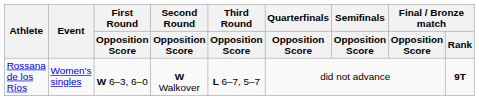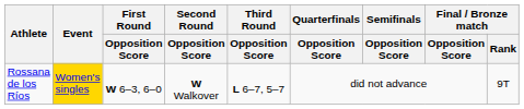 <table class=wikitable style="font-size:90%">
 <tr>
 <th rowspan="2">Athlete</th>
 <th rowspan="2">Event</th>
 <th>First Round</th>
 <th>Second Round</th>
 <th>Third Round</th>
 <th>Quarterfinals</th>
 <th>Semifinals</th>
 <th colspan="2">Final / Bronze match</th>
 </tr>
 <tr>
 <th>Opposition<br>Score</th>
 <th>Opposition<br>Score</th>
 <th>Opposition<br>Score</th>
 <th>Opposition<br>Score</th>
 <th>Opposition<br>Score</th>
 <th>Opposition<br>Score</th>
 <th>Rank</th>
 </tr>
 <tr>
 <td><a href='#'>Rossana de los Ríos</a></td>
-<td><a href='#'>Women's singles</a></td>
+<td style="background: gold;"><a href='#'>Women's singles</a></td>
 <td align=center> <br> <strong>W</strong>  6–3, 6–0</td>
 <td align=center> <br> <strong>W</strong>  Walkover</td>
 <td align=center> <br> <strong>L</strong>  6–7, 5–7</td>
 <td align=center colspan=3>did not advance</td>
-<td align=center><strong>9T</strong></td>
+<td align=center>9T</td>
 </tr>
 </table>
